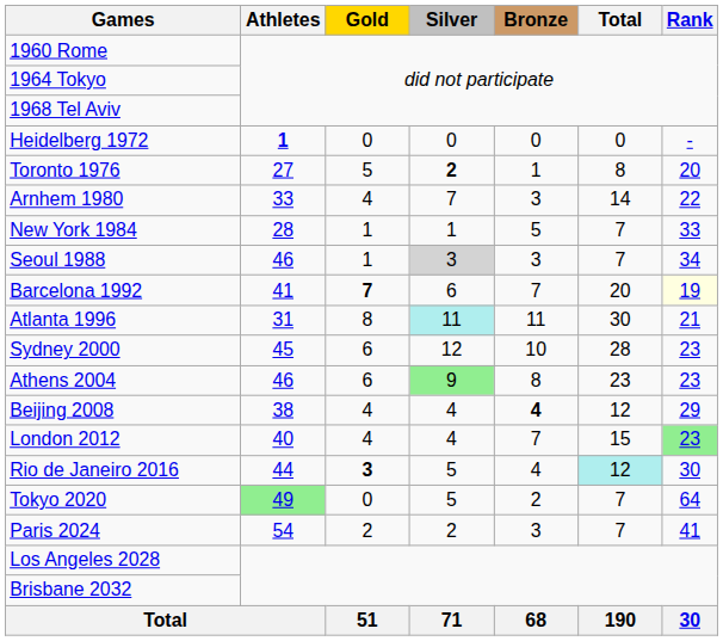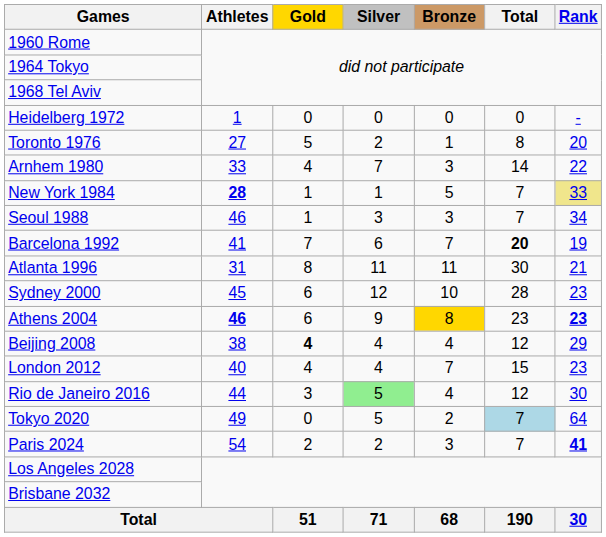 <table class="wikitable" style="text-align:center; font-size:100%;">
 <tr>
 <th style="width:12em;">Games</th>
 <th style="width:4em;">Athletes</th>
 <th style="width:4em; background:gold;">Gold</th>
 <th style="width:4em; background:silver;">Silver</th>
 <th style="width:4em; background:#cc9966;">Bronze</th>
 <th style="width:4em;">Total</th>
 <th style="width:2em;"><a href='#'>Rank</a></th>
 </tr>
 <tr>
 <td align=left> <a href='#'>1960 Rome</a></td>
 <td colspan=6 rowspan=3><em>did not participate</em></td>
 </tr>
 <tr>
 <td align=left> <a href='#'>1964 Tokyo</a></td>
 </tr>
 <tr>
 <td align=left> <a href='#'>1968 Tel Aviv</a></td>
 </tr>
 <tr>
 <td align=left> <a href='#'>Heidelberg 1972</a></td>
-<td><strong><a href='#'>1</a></strong></td>
+<td><a href='#'>1</a></td>
 <td>0</td>
 <td>0</td>
 <td>0</td>
 <td>0</td>
 <td><a href='#'>-</a></td>
 </tr>
 <tr>
 <td align=left> <a href='#'>Toronto 1976</a></td>
 <td><a href='#'>27</a></td>
 <td>5</td>
-<td><strong>2</strong></td>
+<td>2</td>
 <td>1</td>
 <td>8</td>
 <td><a href='#'>20</a></td>
 </tr>
 <tr>
 <td align=left> <a href='#'>Arnhem 1980</a></td>
 <td><a href='#'>33</a></td>
 <td>4</td>
 <td>7</td>
 <td>3</td>
 <td>14</td>
 <td><a href='#'>22</a></td>
 </tr>
 <tr>
 <td align=left> <a href='#'>New York 1984</a></td>
-<td><a href='#'>28</a></td>
+<td><strong><a href='#'>28</a></strong></td>
 <td>1</td>
 <td>1</td>
 <td>5</td>
 <td>7</td>
-<td><a href='#'>33</a></td>
+<td style="background: khaki;"><a href='#'>33</a></td>
 </tr>
 <tr>
 <td align=left> <a href='#'>Seoul 1988</a></td>
 <td><a href='#'>46</a></td>
 <td>1</td>
-<td style="background: lightgrey;">3</td>
+<td>3</td>
 <td>3</td>
 <td>7</td>
 <td><a href='#'>34</a></td>
 </tr>
 <tr>
 <td align=left> <a href='#'>Barcelona 1992</a></td>
 <td><a href='#'>41</a></td>
-<td><strong>7</strong></td>
+<td>7</td>
 <td>6</td>
 <td>7</td>
-<td>20</td>
-<td style="background: lightyellow;"><a href='#'>19</a></td>
+<td><strong>20</strong></td>
+<td><a href='#'>19</a></td>
 </tr>
 <tr>
 <td align=left> <a href='#'>Atlanta 1996</a></td>
 <td><a href='#'>31</a></td>
 <td>8</td>
-<td style="background: paleturquoise;">11</td>
+<td>11</td>
 <td>11</td>
 <td>30</td>
 <td><a href='#'>21</a></td>
 </tr>
 <tr>
 <td align=left> <a href='#'>Sydney 2000</a></td>
 <td><a href='#'>45</a></td>
 <td>6</td>
 <td>12</td>
 <td>10</td>
 <td>28</td>
 <td><a href='#'>23</a></td>
 </tr>
 <tr>
 <td align=left> <a href='#'>Athens 2004</a></td>
-<td><a href='#'>46</a></td>
+<td><strong><a href='#'>46</a></strong></td>
 <td>6</td>
-<td style="background: lightgreen;">9</td>
-<td>8</td>
+<td>9</td>
+<td style="background: gold;">8</td>
 <td>23</td>
-<td><a href='#'>23</a></td>
+<td><strong><a href='#'>23</a></strong></td>
 </tr>
 <tr>
 <td align=left> <a href='#'>Beijing 2008</a></td>
 <td><a href='#'>38</a></td>
+<td><strong>4</strong></td>
 <td>4</td>
 <td>4</td>
-<td><strong>4</strong></td>
 <td>12</td>
 <td><a href='#'>29</a></td>
 </tr>
 <tr>
 <td align=left> <a href='#'>London 2012</a></td>
 <td><a href='#'>40</a></td>
 <td>4</td>
 <td>4</td>
 <td>7</td>
 <td>15</td>
-<td style="background: lightgreen;"><a href='#'>23</a></td>
+<td><a href='#'>23</a></td>
 </tr>
 <tr>
 <td align=left> <a href='#'>Rio de Janeiro 2016</a></td>
 <td><a href='#'>44</a></td>
-<td><strong>3</strong></td>
-<td>5</td>
+<td>3</td>
+<td style="background: lightgreen;">5</td>
 <td>4</td>
-<td style="background: paleturquoise;">12</td>
+<td>12</td>
 <td><a href='#'>30</a></td>
 </tr>
 <tr>
 <td align=left> <a href='#'>Tokyo 2020</a></td>
-<td style="background: lightgreen;"><a href='#'>49</a></td>
+<td><a href='#'>49</a></td>
 <td>0</td>
 <td>5</td>
 <td>2</td>
-<td>7</td>
+<td style="background: lightblue;">7</td>
 <td><a href='#'>64</a></td>
 </tr>
 <tr>
 <td align=left> <a href='#'>Paris 2024</a></td>
 <td><a href='#'>54</a></td>
 <td>2</td>
 <td>2</td>
 <td>3</td>
 <td>7</td>
-<td><a href='#'>41</a></td>
+<td><strong><a href='#'>41</a></strong></td>
 </tr>
 <tr>
 <td align=left> <a href='#'>Los Angeles 2028</a></td>
 </tr>
 <tr>
 <td align=left> <a href='#'>Brisbane 2032</a></td>
 </tr>
 <tr>
 <th colspan=2>Total</th>
 <th>51</th>
 <th>71</th>
 <th>68</th>
 <th>190</th>
 <th><a href='#'>30</a></th>
 </tr>
 </table>
